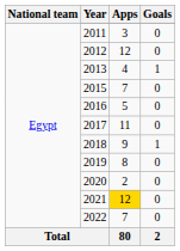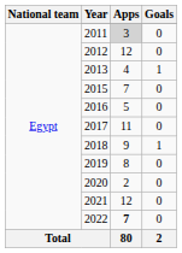 <table class=wikitable style="text-align: center">
 <tr>
 <th>National team</th>
 <th>Year</th>
 <th>Apps</th>
 <th>Goals</th>
 </tr>
 <tr>
 <td rowspan=12><a href='#'>Egypt</a></td>
 </tr>
 <tr>
 <td>2011</td>
-<td>3</td>
+<td style="background: lightgrey;">3</td>
 <td>0</td>
 </tr>
 <tr>
 <td>2012</td>
 <td>12</td>
 <td>0</td>
 </tr>
 <tr>
 <td>2013</td>
 <td>4</td>
 <td>1</td>
 </tr>
 <tr>
 <td>2015</td>
 <td>7</td>
 <td>0</td>
 </tr>
 <tr>
 <td>2016</td>
 <td>5</td>
 <td>0</td>
 </tr>
 <tr>
 <td>2017</td>
 <td>11</td>
 <td>0</td>
 </tr>
 <tr>
 <td>2018</td>
 <td>9</td>
 <td>1</td>
 </tr>
 <tr>
 <td>2019</td>
 <td>8</td>
 <td>0</td>
 </tr>
 <tr>
 <td>2020</td>
 <td>2</td>
 <td>0</td>
 </tr>
 <tr>
 <td>2021</td>
-<td style="background: gold;">12</td>
+<td>12</td>
 <td>0</td>
 </tr>
 <tr>
 <td>2022</td>
-<td>7</td>
+<td><strong>7</strong></td>
 <td>0</td>
 </tr>
 <tr>
 <th colspan=2>Total</th>
 <th>80</th>
 <th>2</th>
 </tr>
 </table>
